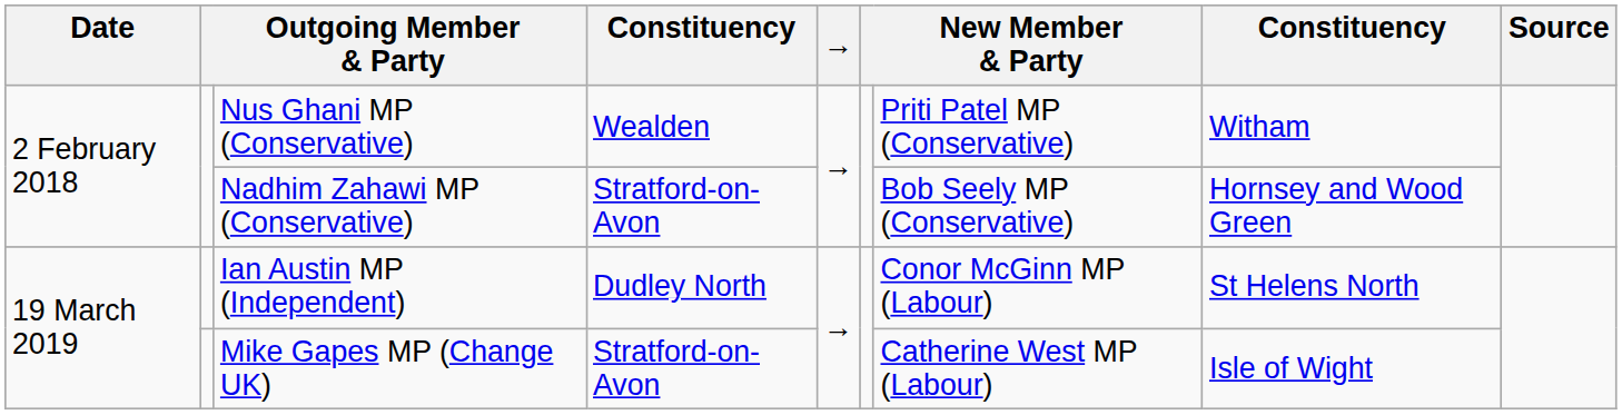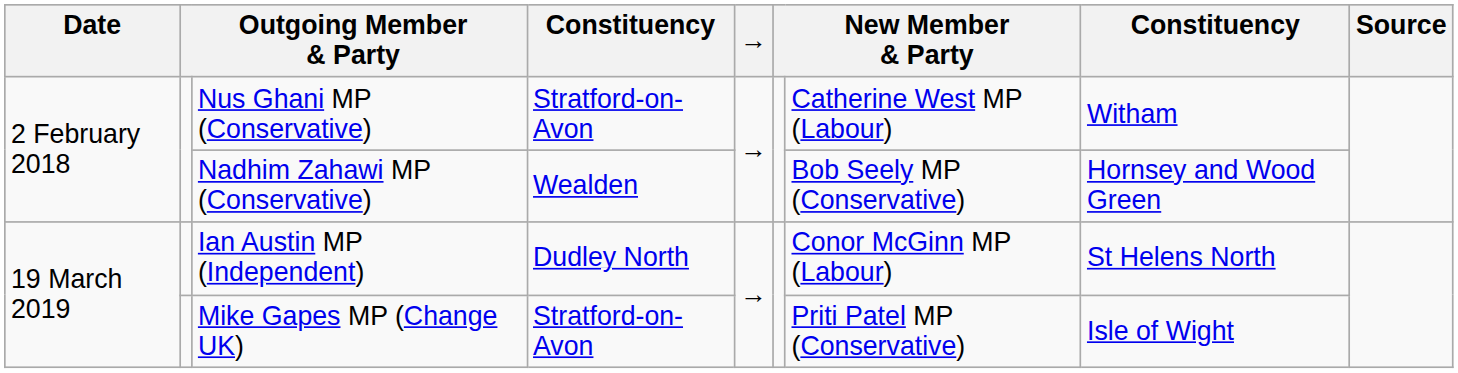 <table class="wikitable">
 <tr>
 <th valign="top">Date</th>
 <th colspan="2" valign="top">Outgoing Member<br>& Party</th>
 <th valign="top">Constituency</th>
 <th>→</th>
 <th colspan="2" valign="top">New Member<br>& Party</th>
 <th valign="top">Constituency</th>
 <th valign="top">Source</th>
 </tr>
 <tr>
 <td rowspan=2>2 February 2018</td>
 <td rowspan=2 style="color:inherit;background:"></td>
 <td><a href='#'>Nus Ghani</a> MP (<a href='#'>Conservative</a>)</td>
-<td><a href='#'>Wealden</a></td>
+<td><a href='#'>Stratford-on-Avon</a></td>
 <td rowspan=2>→</td>
 <td rowspan=2 style="color:inherit;background:"></td>
-<td><a href='#'>Priti Patel</a> MP (<a href='#'>Conservative</a>)</td>
+<td><a href='#'>Catherine West</a> MP (<a href='#'>Labour</a>)</td>
 <td><a href='#'>Witham</a></td>
 <td rowspan=2></td>
 </tr>
 <tr>
 <td><a href='#'>Nadhim Zahawi</a> MP (<a href='#'>Conservative</a>)</td>
-<td><a href='#'>Stratford-on-Avon</a></td>
+<td><a href='#'>Wealden</a></td>
 <td><a href='#'>Bob Seely</a> MP (<a href='#'>Conservative</a>)</td>
 <td><a href='#'>Hornsey and Wood Green</a></td>
 </tr>
 <tr>
 <td rowspan=2>19 March 2019</td>
 <td style="color:inherit;background:"></td>
 <td><a href='#'>Ian Austin</a> MP (<a href='#'>Independent</a>)</td>
 <td><a href='#'>Dudley North</a></td>
 <td rowspan=2>→</td>
 <td rowspan=2 style="color:inherit;background:"></td>
 <td><a href='#'>Conor McGinn</a> MP (<a href='#'>Labour</a>)</td>
 <td><a href='#'>St Helens North</a></td>
 <td rowspan=2></td>
 </tr>
 <tr>
 <td style="color:inherit;background:"></td>
 <td><a href='#'>Mike Gapes</a> MP (<a href='#'>Change UK</a>)</td>
 <td><a href='#'>Stratford-on-Avon</a></td>
-<td><a href='#'>Catherine West</a> MP (<a href='#'>Labour</a>)</td>
+<td><a href='#'>Priti Patel</a> MP (<a href='#'>Conservative</a>)</td>
 <td><a href='#'>Isle of Wight</a></td>
 </tr>
 </table>
